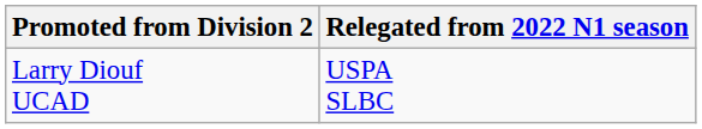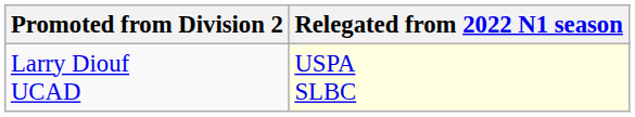 <table class="wikitable">
 <tr>
 <th> Promoted from Division 2</th>
 <th> Relegated from <a href='#'>2022 N1 season</a></th>
 </tr>
 <tr>
 <td><a href='#'>Larry Diouf</a><br><a href='#'>UCAD</a></td>
-<td><a href='#'>USPA</a><br><a href='#'>SLBC</a></td>
+<td style="background: lightyellow;"><a href='#'>USPA</a><br><a href='#'>SLBC</a></td>
 </tr>
 </table>
